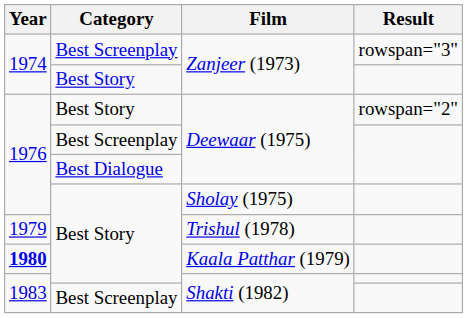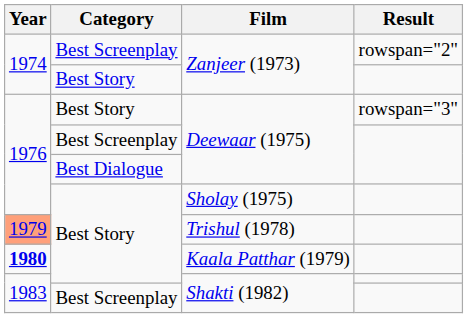 <table class="wikitable">
 <tr>
 <th>Year</th>
 <th>Category</th>
 <th>Film</th>
 <th>Result</th>
 </tr>
 <tr>
 <td rowspan="2"><a href='#'>1974</a></td>
 <td><a href='#'>Best Screenplay</a></td>
 <td rowspan="2"><em><a href='#'>Zanjeer</a></em> (1973)</td>
-<td>rowspan="3" </td>
+<td>rowspan="2" </td>
 </tr>
 <tr>
 <td><a href='#'>Best Story</a></td>
 </tr>
 <tr>
 <td rowspan="4"><a href='#'>1976</a></td>
 <td>Best Story</td>
 <td rowspan="3"><em><a href='#'>Deewaar</a></em> (1975)</td>
-<td>rowspan="2" </td>
+<td>rowspan="3" </td>
 </tr>
 <tr>
 <td>Best Screenplay</td>
 </tr>
 <tr>
 <td><a href='#'>Best Dialogue</a></td>
 </tr>
 <tr>
 <td rowspan="4">Best Story</td>
 <td><em><a href='#'>Sholay</a></em> (1975)</td>
 <td></td>
 </tr>
 <tr>
-<td><a href='#'>1979</a></td>
+<td style="background: lightsalmon;"><a href='#'>1979</a></td>
 <td><em><a href='#'>Trishul</a></em> (1978)</td>
 <td></td>
 </tr>
 <tr>
 <td><strong><a href='#'>1980</a></strong></td>
 <td><em><a href='#'>Kaala Patthar</a></em> (1979)</td>
 <td></td>
 </tr>
 <tr>
 <td rowspan="3"><a href='#'>1983</a></td>
 <td rowspan="2"><em><a href='#'>Shakti</a></em> (1982)</td>
 <td></td>
 </tr>
 <tr>
 <td>Best Screenplay</td>
 <td></td>
 </tr>
 </table>
